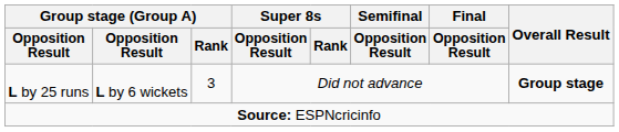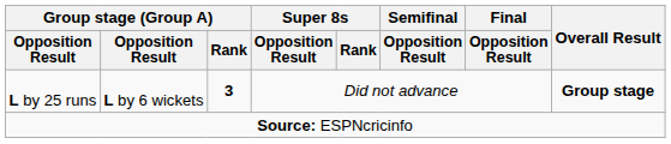 <table class=wikitable style=font-size:90%;text-align:center>
 <tr>
 <th colspan=3>Group stage (Group A)</th>
 <th colspan=2>Super 8s</th>
 <th>Semifinal</th>
 <th>Final</th>
 <th rowspan=2>Overall Result</th>
 </tr>
 <tr style=font-size:95%>
 <th>Opposition<br>Result</th>
 <th>Opposition<br>Result</th>
 <th>Rank</th>
 <th>Opposition<br>Result</th>
 <th>Rank</th>
 <th>Opposition<br>Result</th>
 <th>Opposition<br>Result</th>
 </tr>
 <tr>
 <td><br><strong>L</strong> by 25 runs</td>
 <td><br><strong>L</strong> by 6 wickets</td>
-<td>3</td>
+<td><strong>3</strong></td>
 <td colspan=4><em>Did not advance</em></td>
 <td><strong>Group stage</strong></td>
 </tr>
 <tr>
 <td colspan="11"><strong>Source:</strong> ESPNcricinfo</td>
 </tr>
 </table>
